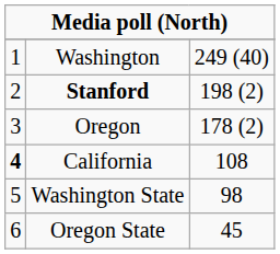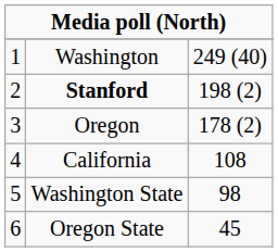 <table class="wikitable">
 <tr align="center">
 <td align="center" Colspan="3"><strong>Media poll (North)</strong></td>
 </tr>
 <tr align="center">
 </tr>
 <tr align="center">
 <td>1</td>
 <td>Washington</td>
 <td>249 (40)</td>
 </tr>
 <tr align="center">
 <td>2</td>
 <td><strong>Stanford</strong></td>
 <td>198 (2)</td>
 </tr>
 <tr align="center">
 <td>3</td>
 <td>Oregon</td>
 <td>178 (2)</td>
 </tr>
 <tr align="center">
-<td><strong>4</strong></td>
+<td>4</td>
 <td>California</td>
 <td>108</td>
 </tr>
 <tr align="center">
 <td>5</td>
 <td>Washington State</td>
 <td>98</td>
 </tr>
 <tr align="center">
 <td>6</td>
 <td>Oregon State</td>
 <td>45</td>
 </tr>
 </table>
